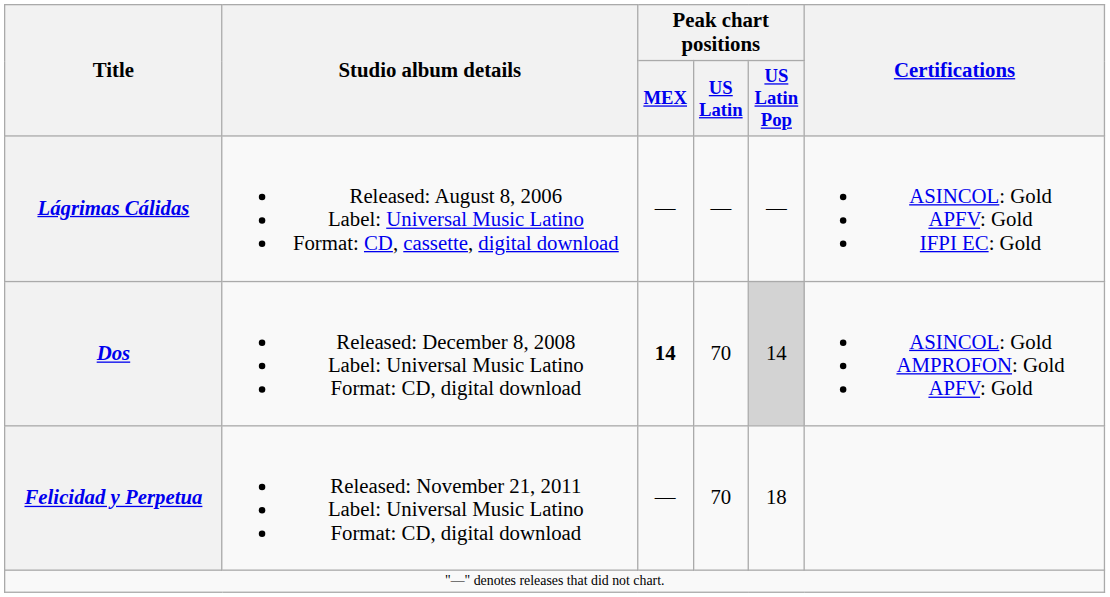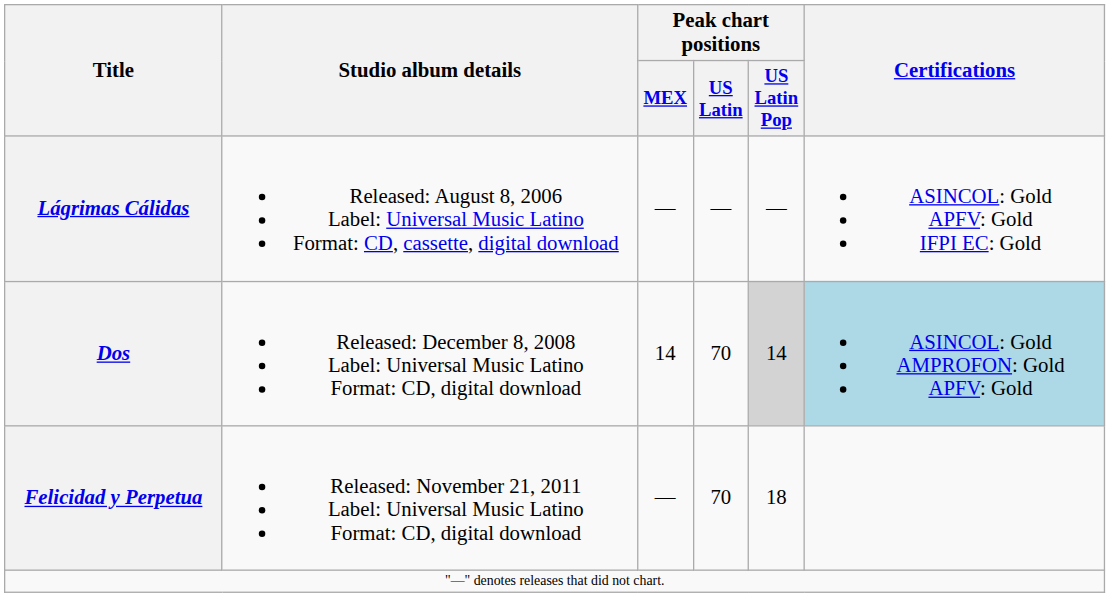 <table class="wikitable plainrowheaders" style="text-align:center;">
 <tr>
 <th scope="col" rowspan="2" style="width:10em;">Title</th>
 <th scope="col" rowspan="2" style="width:19.5em;">Studio album details</th>
 <th scope="col" colspan="3">Peak chart positions</th>
 <th scope="col" rowspan="2" style="width:14em;"><a href='#'>Certifications</a></th>
 </tr>
 <tr>
 <th scope="col" style="width:2.5em;font-size:90%;"><a href='#'>MEX</a><br></th>
 <th scope="col" style="width:2.5em;font-size:90%;"><a href='#'>US<br>Latin</a><br></th>
 <th scope="col" style="width:2.5em;font-size:90%;"><a href='#'>US<br>Latin Pop</a><br></th>
 </tr>
 <tr>
 <th scope="row"><em><a href='#'>Lágrimas Cálidas</a></em></th>
 <td><br><ul><li>Released: August 8, 2006</li><li>Label: <a href='#'>Universal Music Latino</a></li><li>Format: <a href='#'>CD</a>, <a href='#'>cassette</a>, <a href='#'>digital download</a></li></ul></td>
 <td>—</td>
 <td>—</td>
 <td>—</td>
 <td><br><ul><li><a href='#'>ASINCOL</a>: Gold</li><li><a href='#'>APFV</a>: Gold</li><li><a href='#'>IFPI EC</a>: Gold</li></ul></td>
 </tr>
 <tr>
 <th scope="row"><em><a href='#'>Dos</a></em></th>
 <td><br><ul><li>Released: December 8, 2008</li><li>Label: Universal Music Latino</li><li>Format: CD, digital download</li></ul></td>
-<td><strong>14</strong></td>
+<td>14</td>
 <td>70</td>
 <td style="background: lightgrey;">14</td>
-<td><br><ul><li><a href='#'>ASINCOL</a>: Gold</li><li><a href='#'>AMPROFON</a>: Gold</li><li><a href='#'>APFV</a>: Gold</li></ul></td>
+<td style="background: lightblue;"><br><ul><li><a href='#'>ASINCOL</a>: Gold</li><li><a href='#'>AMPROFON</a>: Gold</li><li><a href='#'>APFV</a>: Gold</li></ul></td>
 </tr>
 <tr>
 <th scope="row"><em><a href='#'>Felicidad y Perpetua</a></em></th>
 <td><br><ul><li>Released: November 21, 2011</li><li>Label: Universal Music Latino</li><li>Format: CD, digital download</li></ul></td>
 <td>—</td>
 <td>70</td>
 <td>18</td>
 <td></td>
 </tr>
 <tr>
 <td colspan="21" style="text-align:center; font-size:8pt;">"—" denotes releases that did not chart.</td>
 </tr>
 </table>
